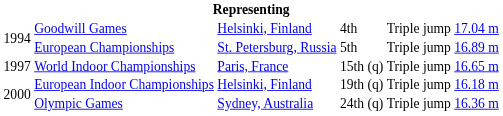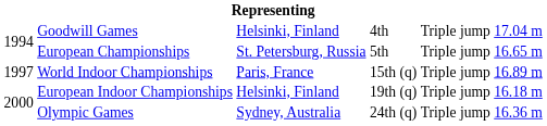 <table>
 <tr>
 <th colspan="6">Representing </th>
 </tr>
 <tr>
 <td rowspan=2>1994</td>
 <td><a href='#'>Goodwill Games</a></td>
 <td><a href='#'>Helsinki, Finland</a></td>
 <td>4th</td>
 <td>Triple jump</td>
 <td><a href='#'>17.04 m</a></td>
 </tr>
 <tr>
 <td><a href='#'>European Championships</a></td>
 <td><a href='#'>St. Petersburg, Russia</a></td>
 <td>5th</td>
 <td>Triple jump</td>
-<td><a href='#'>16.89 m</a></td>
+<td><a href='#'>16.65 m</a></td>
 </tr>
 <tr>
 <td>1997</td>
 <td><a href='#'>World Indoor Championships</a></td>
 <td><a href='#'>Paris, France</a></td>
 <td>15th (q)</td>
 <td>Triple jump</td>
-<td><a href='#'>16.65 m</a></td>
+<td><a href='#'>16.89 m</a></td>
 </tr>
 <tr>
 <td rowspan=2>2000</td>
 <td><a href='#'>European Indoor Championships</a></td>
 <td><a href='#'>Helsinki, Finland</a></td>
 <td>19th (q)</td>
 <td>Triple jump</td>
 <td><a href='#'>16.18 m</a></td>
 </tr>
 <tr>
 <td><a href='#'>Olympic Games</a></td>
 <td><a href='#'>Sydney, Australia</a></td>
 <td>24th (q)</td>
 <td>Triple jump</td>
 <td><a href='#'>16.36 m</a></td>
 </tr>
 </table>
